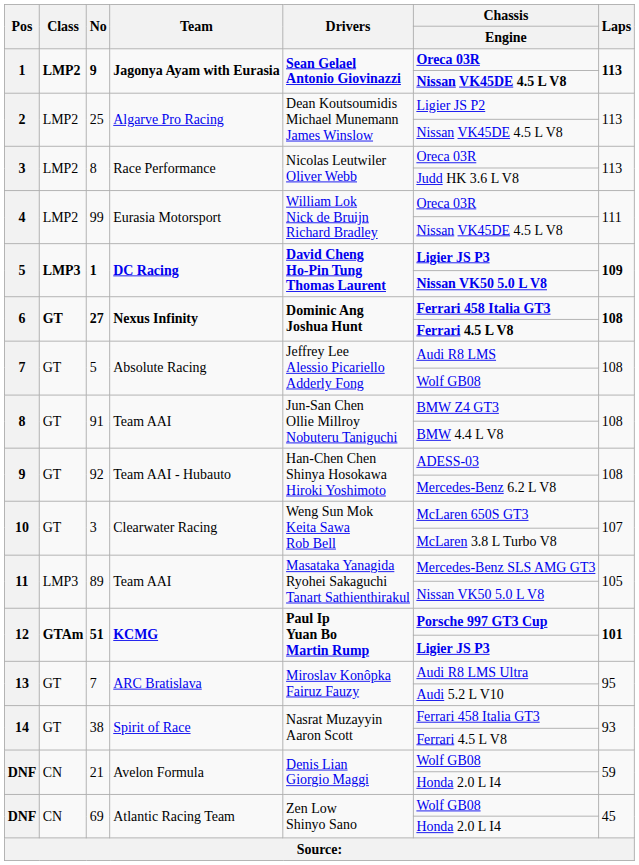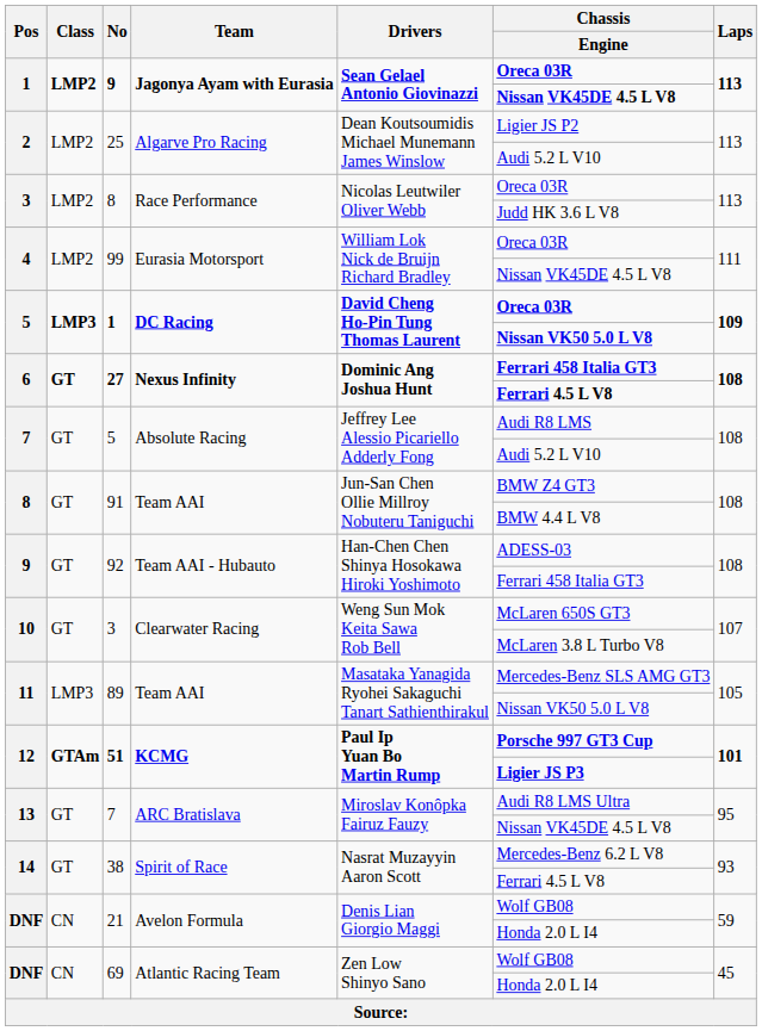 <table class="wikitable">
 <tr>
 <th rowspan="2">Pos</th>
 <th rowspan="2">Class</th>
 <th rowspan="2">No</th>
 <th rowspan="2">Team</th>
 <th rowspan="2">Drivers</th>
 <th>Chassis</th>
 <th rowspan="2">Laps</th>
 </tr>
 <tr>
 <th>Engine</th>
 </tr>
 <tr>
 <th rowspan="2">1</th>
 <td rowspan="2"><strong>LMP2</strong></td>
 <td rowspan="2"><strong>9</strong></td>
 <td rowspan="2"><strong> Jagonya Ayam with Eurasia</strong></td>
 <td rowspan="2"><strong> <a href='#'>Sean Gelael</a></strong><br><strong> <a href='#'>Antonio Giovinazzi</a></strong></td>
 <td><strong><a href='#'>Oreca 03R</a></strong></td>
 <td rowspan="2"><strong>113</strong></td>
 </tr>
 <tr>
 <td><strong><a href='#'>Nissan</a> <a href='#'>VK45DE</a> 4.5 L V8</strong></td>
 </tr>
 <tr>
 <th rowspan="2">2</th>
 <td rowspan="2">LMP2</td>
 <td rowspan="2">25</td>
 <td rowspan="2"> <a href='#'>Algarve Pro Racing</a></td>
 <td rowspan="2"> Dean Koutsoumidis<br> Michael Munemann<br> <a href='#'>James Winslow</a></td>
 <td><a href='#'>Ligier JS P2</a></td>
 <td rowspan="2">113</td>
 </tr>
 <tr>
-<td><a href='#'>Nissan</a> <a href='#'>VK45DE</a> 4.5 L V8</td>
+<td><a href='#'>Audi</a> 5.2 L V10</td>
 </tr>
 <tr>
 <th rowspan="2">3</th>
 <td rowspan="2">LMP2</td>
 <td rowspan="2">8</td>
 <td rowspan="2"> Race Performance</td>
 <td rowspan="2"> Nicolas Leutwiler<br> <a href='#'>Oliver Webb</a></td>
 <td><a href='#'>Oreca 03R</a></td>
 <td rowspan="2">113</td>
 </tr>
 <tr>
 <td><a href='#'>Judd</a> HK 3.6 L V8</td>
 </tr>
 <tr>
 <th rowspan="2">4</th>
 <td rowspan="2">LMP2</td>
 <td rowspan="2">99</td>
 <td rowspan="2"> Eurasia Motorsport</td>
 <td rowspan="2"> <a href='#'>William Lok</a><br> <a href='#'>Nick de Bruijn</a><br> <a href='#'>Richard Bradley</a></td>
 <td><a href='#'>Oreca 03R</a></td>
 <td rowspan="2">111</td>
 </tr>
 <tr>
 <td><a href='#'>Nissan</a> <a href='#'>VK45DE</a> 4.5 L V8</td>
 </tr>
 <tr>
 <th rowspan="2">5</th>
 <td rowspan="2"><strong>LMP3</strong></td>
 <td rowspan="2"><strong>1</strong></td>
 <td rowspan="2"><strong> <a href='#'>DC Racing</a></strong></td>
 <td rowspan="2"><strong> <a href='#'>David Cheng</a></strong><br><strong> <a href='#'>Ho-Pin Tung</a></strong><br><strong> <a href='#'>Thomas Laurent</a></strong></td>
-<td><strong><a href='#'>Ligier JS P3</a></strong></td>
+<td><strong><a href='#'>Oreca 03R</a></strong></td>
 <td rowspan="2"><strong>109</strong></td>
 </tr>
 <tr>
 <td><a href='#'><strong>Nissan VK50 5.0 L V8</strong></a></td>
 </tr>
 <tr>
 <th rowspan="2">6</th>
 <td rowspan="2"><strong>GT</strong></td>
 <td rowspan="2"><strong>27</strong></td>
 <td rowspan="2"><strong> Nexus Infinity</strong></td>
 <td rowspan="2"><strong> Dominic Ang</strong><br><strong> Joshua Hunt</strong></td>
 <td><a href='#'><strong>Ferrari 458 Italia GT3</strong></a></td>
 <td rowspan="2"><strong>108</strong></td>
 </tr>
 <tr>
 <td><strong><a href='#'>Ferrari</a> 4.5 L V8</strong></td>
 </tr>
 <tr>
 <th rowspan="2">7</th>
 <td rowspan="2">GT</td>
 <td rowspan="2">5</td>
 <td rowspan="2"> Absolute Racing</td>
 <td rowspan="2"> Jeffrey Lee<br> <a href='#'>Alessio Picariello</a><br> <a href='#'>Adderly Fong</a></td>
 <td><a href='#'>Audi R8 LMS</a></td>
 <td rowspan="2">108</td>
 </tr>
 <tr>
-<td><a href='#'>Wolf GB08</a></td>
+<td><a href='#'>Audi</a> 5.2 L V10</td>
 </tr>
 <tr>
 <th rowspan="2">8</th>
 <td rowspan="2">GT</td>
 <td rowspan="2">91</td>
 <td rowspan="2"> Team AAI</td>
 <td rowspan="2"> Jun-San Chen<br> Ollie Millroy<br> <a href='#'>Nobuteru Taniguchi</a></td>
 <td><a href='#'>BMW Z4 GT3</a></td>
 <td rowspan="2">108</td>
 </tr>
 <tr>
 <td><a href='#'>BMW</a> 4.4 L V8</td>
 </tr>
 <tr>
 <th rowspan="2">9</th>
 <td rowspan="2">GT</td>
 <td rowspan="2">92</td>
 <td rowspan="2"> Team AAI - Hubauto</td>
 <td rowspan="2"> Han-Chen Chen<br> Shinya Hosokawa<br> <a href='#'>Hiroki Yoshimoto</a></td>
 <td><a href='#'>ADESS-03</a></td>
 <td rowspan="2">108</td>
 </tr>
 <tr>
-<td><a href='#'>Mercedes-Benz</a> 6.2 L V8</td>
+<td><a href='#'>Ferrari 458 Italia GT3</a></td>
 </tr>
 <tr>
 <th rowspan="2">10</th>
 <td rowspan="2">GT</td>
 <td rowspan="2">3</td>
 <td rowspan="2"> Clearwater Racing</td>
 <td rowspan="2"> Weng Sun Mok<br> <a href='#'>Keita Sawa</a><br> <a href='#'>Rob Bell</a></td>
 <td><a href='#'>McLaren 650S GT3</a></td>
 <td rowspan="2">107</td>
 </tr>
 <tr>
 <td><a href='#'>McLaren</a> 3.8 L Turbo V8</td>
 </tr>
 <tr>
 <th rowspan="2">11</th>
 <td rowspan="2">LMP3</td>
 <td rowspan="2">89</td>
 <td rowspan="2"> Team AAI</td>
 <td rowspan="2"> <a href='#'>Masataka Yanagida</a><br> Ryohei Sakaguchi<br> <a href='#'>Tanart Sathienthirakul</a></td>
 <td><a href='#'>Mercedes-Benz SLS AMG GT3</a></td>
 <td rowspan="2">105</td>
 </tr>
 <tr>
 <td><a href='#'>Nissan VK50 5.0 L V8</a></td>
 </tr>
 <tr>
 <th rowspan="2">12</th>
 <td rowspan="2"><strong>GTAm</strong></td>
 <td rowspan="2"><strong>51</strong></td>
 <td rowspan="2"><strong> <a href='#'>KCMG</a></strong></td>
 <td rowspan="2"><strong> Paul Ip</strong><br><strong> Yuan Bo</strong><br><strong> <a href='#'>Martin Rump</a></strong></td>
 <td><a href='#'><strong>Porsche 997 GT3 Cup</strong></a></td>
 <td rowspan="2"><strong>101</strong></td>
 </tr>
 <tr>
 <td><strong><a href='#'>Ligier JS P3</a></strong></td>
 </tr>
 <tr>
 <th rowspan="2">13</th>
 <td rowspan="2">GT</td>
 <td rowspan="2">7</td>
 <td rowspan="2"> <a href='#'>ARC Bratislava</a></td>
 <td rowspan="2"> <a href='#'>Miroslav Konôpka</a><br> <a href='#'>Fairuz Fauzy</a></td>
 <td><a href='#'>Audi R8 LMS Ultra</a></td>
 <td rowspan="2">95</td>
 </tr>
 <tr>
-<td><a href='#'>Audi</a> 5.2 L V10</td>
+<td><a href='#'>Nissan</a> <a href='#'>VK45DE</a> 4.5 L V8</td>
 </tr>
 <tr>
 <th rowspan="2">14</th>
 <td rowspan="2">GT</td>
 <td rowspan="2">38</td>
 <td rowspan="2"> <a href='#'>Spirit of Race</a></td>
 <td rowspan="2"> Nasrat Muzayyin<br> Aaron Scott</td>
-<td><a href='#'>Ferrari 458 Italia GT3</a></td>
+<td><a href='#'>Mercedes-Benz</a> 6.2 L V8</td>
 <td rowspan="2">93</td>
 </tr>
 <tr>
 <td><a href='#'>Ferrari</a> 4.5 L V8</td>
 </tr>
 <tr>
 <th rowspan="2">DNF</th>
 <td rowspan="2">CN</td>
 <td rowspan="2">21</td>
 <td rowspan="2"> Avelon Formula</td>
 <td rowspan="2"> <a href='#'>Denis Lian</a><br> <a href='#'>Giorgio Maggi</a></td>
 <td><a href='#'>Wolf GB08</a></td>
 <td rowspan="2">59</td>
 </tr>
 <tr>
 <td><a href='#'>Honda</a> 2.0 L I4</td>
 </tr>
 <tr>
 <th rowspan="2">DNF</th>
 <td rowspan="2">CN</td>
 <td rowspan="2">69</td>
 <td rowspan="2"> Atlantic Racing Team</td>
 <td rowspan="2"> Zen Low<br> Shinyo Sano</td>
 <td><a href='#'>Wolf GB08</a></td>
 <td rowspan="2">45</td>
 </tr>
 <tr>
 <td><a href='#'>Honda</a> 2.0 L I4</td>
 </tr>
 <tr>
 <th colspan="7">Source:</th>
 </tr>
 </table>
